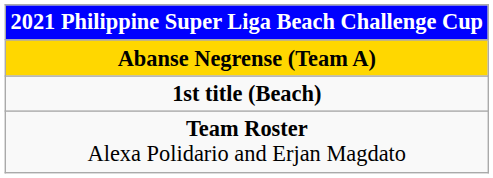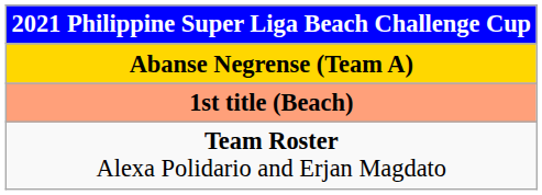 <table class=wikitable style="text-align:center; margin:auto;">
 <tr>
 <th style="background:blue; color:white;">2021 Philippine Super Liga Beach Challenge Cup</th>
 </tr>
 <tr bgcolor="gold">
 <td><strong>Abanse Negrense (Team A)</strong></td>
 </tr>
 <tr>
-<td><strong>1st title (Beach)</strong></td>
+<td style="background: lightsalmon;"><strong>1st title (Beach)</strong></td>
 </tr>
 <tr>
 <td><strong>Team Roster</strong><br>Alexa Polidario and Erjan Magdato</td>
 </tr>
 </table>
